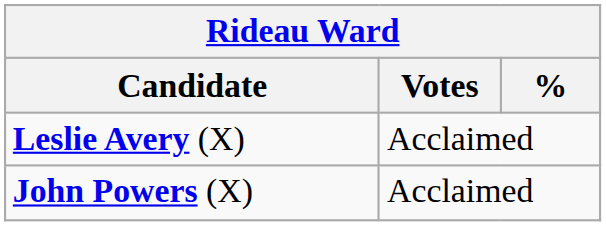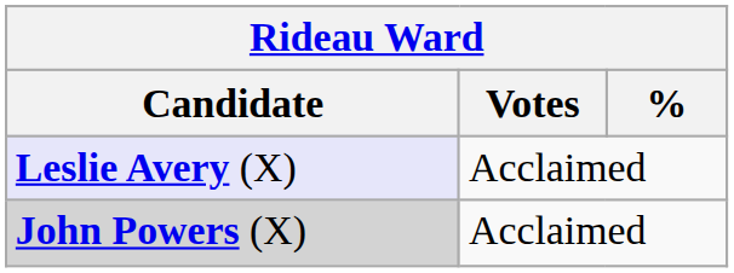 <table class="wikitable">
 <tr>
 <th colspan="3"><a href='#'>Rideau Ward</a></th>
 </tr>
 <tr>
 <th style="width: 170px">Candidate</th>
 <th style="width: 50px">Votes</th>
 <th style="width: 40px">%</th>
 </tr>
 <tr>
-<td><strong><a href='#'>Leslie Avery</a></strong> (X)</td>
+<td style="background: lavender;"><strong><a href='#'>Leslie Avery</a></strong> (X)</td>
 <td colspan="2">Acclaimed</td>
 </tr>
 <tr>
-<td><strong><a href='#'>John Powers</a></strong> (X)</td>
+<td style="background: lightgrey;"><strong><a href='#'>John Powers</a></strong> (X)</td>
 <td colspan="2">Acclaimed</td>
 </tr>
 </table>
